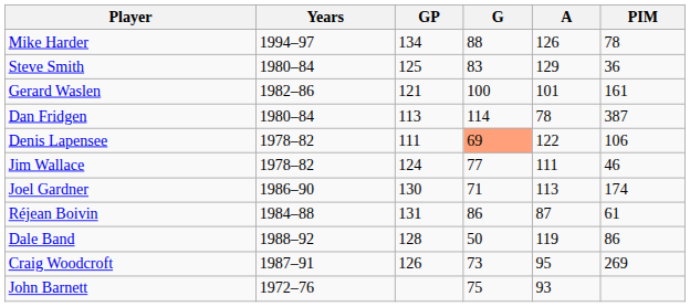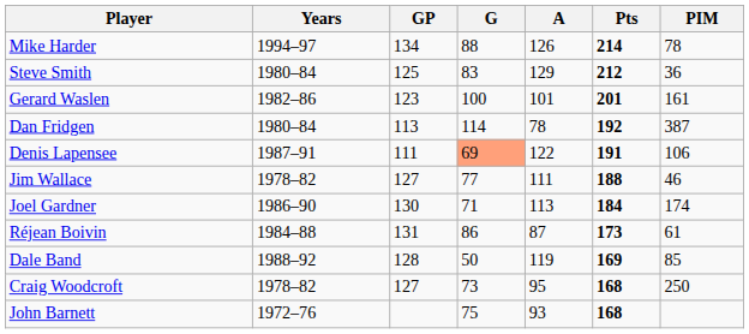 <table class="wikitable sortable" width ="700">
 <tr>
 <th>Player</th>
 <th>Years</th>
 <th>GP</th>
 <th>G</th>
 <th>A</th>
+<th>Pts</th>
 <th>PIM</th>
 </tr>
 <tr>
 <td><a href='#'>Mike Harder</a></td>
 <td>1994–97</td>
 <td>134</td>
 <td>88</td>
 <td>126</td>
+<td><strong>214</strong></td>
 <td>78</td>
 </tr>
 <tr>
 <td><a href='#'>Steve Smith</a></td>
 <td>1980–84</td>
 <td>125</td>
 <td>83</td>
 <td>129</td>
+<td><strong>212</strong></td>
 <td>36</td>
 </tr>
 <tr>
 <td><a href='#'>Gerard Waslen</a></td>
 <td>1982–86</td>
-<td>121</td>
+<td>123</td>
 <td>100</td>
 <td>101</td>
+<td><strong>201</strong></td>
 <td>161</td>
 </tr>
 <tr>
 <td><a href='#'>Dan Fridgen</a></td>
 <td>1980–84</td>
 <td>113</td>
 <td>114</td>
 <td>78</td>
+<td><strong>192</strong></td>
 <td>387</td>
 </tr>
 <tr>
 <td><a href='#'>Denis Lapensee</a></td>
-<td>1978–82</td>
+<td>1987–91</td>
 <td>111</td>
 <td style="background: lightsalmon;">69</td>
 <td>122</td>
+<td><strong>191</strong></td>
 <td>106</td>
 </tr>
 <tr>
 <td><a href='#'>Jim Wallace</a></td>
 <td>1978–82</td>
-<td>124</td>
+<td>127</td>
 <td>77</td>
 <td>111</td>
+<td><strong>188</strong></td>
 <td>46</td>
 </tr>
 <tr>
 <td><a href='#'>Joel Gardner</a></td>
 <td>1986–90</td>
 <td>130</td>
 <td>71</td>
 <td>113</td>
+<td><strong>184</strong></td>
 <td>174</td>
 </tr>
 <tr>
 <td><a href='#'>Réjean Boivin</a></td>
 <td>1984–88</td>
 <td>131</td>
 <td>86</td>
 <td>87</td>
+<td><strong>173</strong></td>
 <td>61</td>
 </tr>
 <tr>
 <td><a href='#'>Dale Band</a></td>
 <td>1988–92</td>
 <td>128</td>
 <td>50</td>
 <td>119</td>
-<td>86</td>
+<td><strong>169</strong></td>
+<td>85</td>
 </tr>
 <tr>
 <td><a href='#'>Craig Woodcroft</a></td>
-<td>1987–91</td>
-<td>126</td>
+<td>1978–82</td>
+<td>127</td>
 <td>73</td>
 <td>95</td>
-<td>269</td>
+<td><strong>168</strong></td>
+<td>250</td>
 </tr>
 <tr>
 <td><a href='#'>John Barnett</a></td>
 <td>1972–76</td>
 <td></td>
 <td>75</td>
 <td>93</td>
+<td><strong>168</strong></td>
 <td></td>
 </tr>
 </table>
